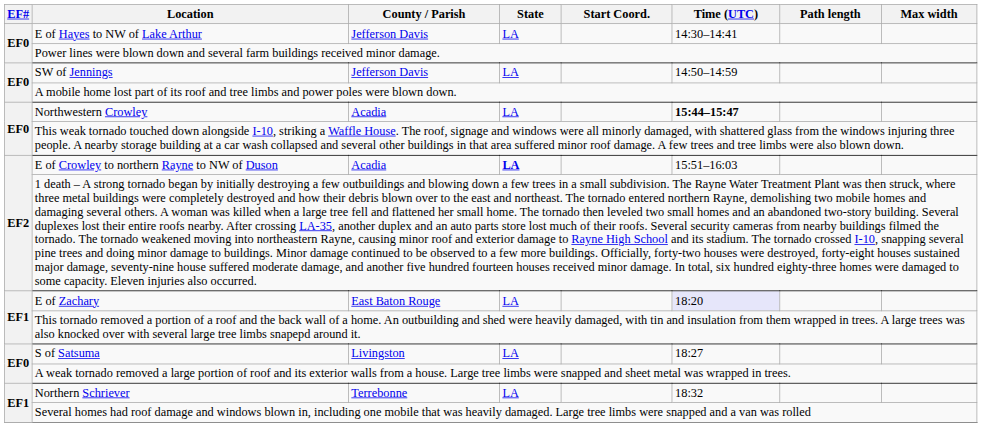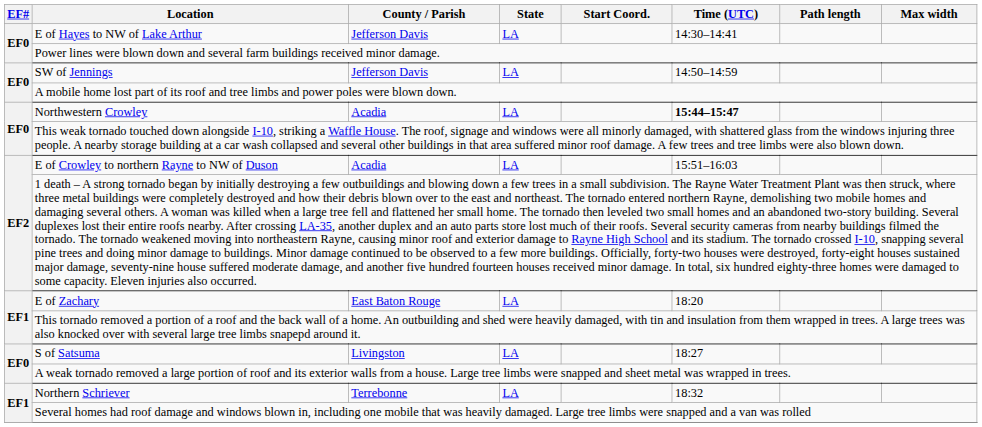 <table class="wikitable sortable" style="width:100%;">
 <tr>
 <th scope="col" width="2%" align="center"><a href='#'>EF#</a></th>
 <th scope="col" align="center" class="unsortable">Location</th>
 <th scope="col" align="center" class="unsortable">County / Parish</th>
 <th scope="col" align="center">State</th>
 <th scope="col" align="center">Start Coord.</th>
 <th scope="col" align="center">Time (<a href='#'>UTC</a>)</th>
 <th scope="col" align="center">Path length</th>
 <th scope="col" align="center">Max width</th>
 </tr>
 <tr>
 <th scope="row" rowspan="2" style="background-color:#">EF0</th>
 <td>E of <a href='#'>Hayes</a> to NW of <a href='#'>Lake Arthur</a></td>
 <td><a href='#'>Jefferson Davis</a></td>
 <td><a href='#'>LA</a></td>
 <td></td>
 <td>14:30–14:41</td>
 <td></td>
 <td></td>
 </tr>
 <tr class="expand-child">
 <td colspan="8" style=" border-bottom: 1px solid black;">Power lines were blown down and several farm buildings received minor damage.</td>
 </tr>
 <tr>
 <th scope="row" rowspan="2" style="background-color:#">EF0</th>
 <td>SW of <a href='#'>Jennings</a></td>
 <td><a href='#'>Jefferson Davis</a></td>
 <td><a href='#'>LA</a></td>
 <td></td>
 <td>14:50–14:59</td>
 <td></td>
 <td></td>
 </tr>
 <tr class="expand-child">
 <td colspan="8" style=" border-bottom: 1px solid black;">A mobile home lost part of its roof and tree limbs and power poles were blown down.</td>
 </tr>
 <tr>
 <th scope="row" rowspan="2" style="background-color:#">EF0</th>
 <td>Northwestern <a href='#'>Crowley</a></td>
 <td><a href='#'>Acadia</a></td>
 <td><a href='#'>LA</a></td>
 <td></td>
 <td><strong>15:44–15:47</strong></td>
 <td></td>
 <td></td>
 </tr>
 <tr class="expand-child">
 <td colspan="8" style=" border-bottom: 1px solid black;">This weak tornado touched down alongside <a href='#'>I-10</a>, striking a <a href='#'>Waffle House</a>. The roof, signage and windows were all minorly damaged, with shattered glass from the windows injuring three people. A nearby storage building at a car wash collapsed and several other buildings in that area suffered minor roof damage. A few trees and tree limbs were also blown down.</td>
 </tr>
 <tr>
 <th scope="row" rowspan="2" style="background-color:#">EF2</th>
 <td>E of <a href='#'>Crowley</a> to northern <a href='#'>Rayne</a> to NW of <a href='#'>Duson</a></td>
 <td><a href='#'>Acadia</a></td>
-<td><strong><a href='#'>LA</a></strong></td>
+<td><a href='#'>LA</a></td>
 <td></td>
 <td>15:51–16:03</td>
 <td></td>
 <td></td>
 </tr>
 <tr class="expand-child">
 <td colspan="8" style=" border-bottom: 1px solid black;">1 death – A strong tornado began by initially destroying a few outbuildings and blowing down a few trees in a small subdivision. The Rayne Water Treatment Plant was then struck, where three metal buildings were completely destroyed and how their debris blown over  to the east and northeast. The tornado entered northern Rayne, demolishing two mobile homes and damaging several others. A woman was killed when a large tree fell and flattened her small home. The tornado then leveled two small homes and an abandoned two-story building. Several duplexes lost their entire roofs nearby. After crossing <a href='#'>LA-35</a>, another duplex and an auto parts store lost much of their roofs. Several security cameras from nearby buildings filmed the tornado. The tornado weakened moving into northeastern Rayne, causing minor roof and exterior damage to <a href='#'>Rayne High School</a> and its stadium. The tornado crossed <a href='#'>I-10</a>, snapping several pine trees and doing minor damage to buildings. Minor damage continued to be observed to a few more buildings. Officially, forty-two houses were destroyed, forty-eight houses sustained major damage, seventy-nine house suffered moderate damage, and another five hundred fourteen houses received minor damage. In total, six hundred eighty-three homes were damaged to some capacity. Eleven injuries also occurred.</td>
 </tr>
 <tr>
 <th scope="row" rowspan="2" style="background-color:#">EF1</th>
 <td>E of <a href='#'>Zachary</a></td>
 <td><a href='#'>East Baton Rouge</a></td>
 <td><a href='#'>LA</a></td>
 <td></td>
-<td style="background: lavender;">18:20</td>
+<td>18:20</td>
 <td></td>
 <td></td>
 </tr>
 <tr class="expand-child">
 <td colspan="8" style=" border-bottom: 1px solid black;">This tornado removed a portion of a roof and the back wall of a home. An outbuilding and shed were heavily damaged, with tin and insulation from them wrapped in trees. A large trees was also knocked over with several large tree limbs snapepd around it.</td>
 </tr>
 <tr>
 <th scope="row" rowspan="2" style="background-color:#">EF0</th>
 <td>S of <a href='#'>Satsuma</a></td>
 <td><a href='#'>Livingston</a></td>
 <td><a href='#'>LA</a></td>
 <td></td>
 <td>18:27</td>
 <td></td>
 <td></td>
 </tr>
 <tr class="expand-child">
 <td colspan="8" style=" border-bottom: 1px solid black;">A weak tornado removed a large portion of roof and its exterior walls from a house. Large tree limbs were snapped and sheet metal was wrapped in trees.</td>
 </tr>
 <tr>
 <th scope="row" rowspan="2" style="background-color:#">EF1</th>
 <td>Northern <a href='#'>Schriever</a></td>
 <td><a href='#'>Terrebonne</a></td>
 <td><a href='#'>LA</a></td>
 <td></td>
 <td>18:32</td>
 <td></td>
 <td></td>
 </tr>
 <tr class="expand-child">
 <td colspan="8" style=" border-bottom: 1px solid black;">Several homes had roof damage and windows blown in, including one mobile that was heavily damaged. Large tree limbs were snapped and a van was rolled </td>
 </tr>
 <tr>
 </tr>
 </table>
